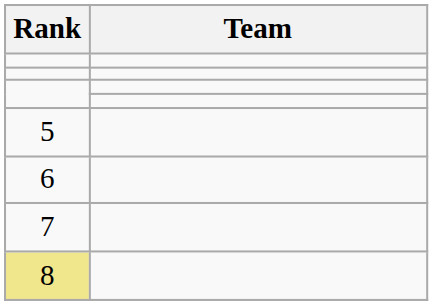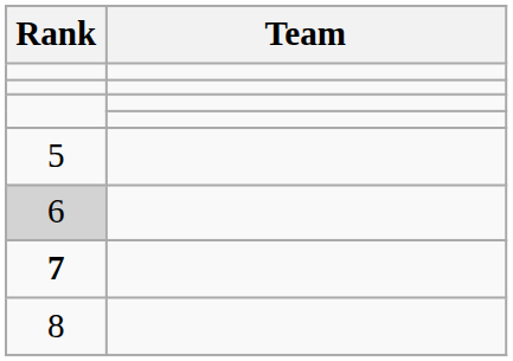 <table class="wikitable" style="text-align:center; font-size:90%;">
 <tr>
 <th width=35>Rank</th>
 <th width=160>Team</th>
 </tr>
 <tr>
 <td></td>
 <td align=left></td>
 </tr>
 <tr>
 <td></td>
 <td align=left></td>
 </tr>
 <tr>
 <td rowspan=2></td>
 <td align=left></td>
 </tr>
 <tr>
 <td align=left></td>
 </tr>
 <tr>
 <td>5</td>
 <td align=left></td>
 </tr>
 <tr>
-<td>6</td>
+<td style="background: lightgrey;">6</td>
 <td align=left></td>
 </tr>
 <tr>
-<td>7</td>
+<td><strong>7</strong></td>
 <td align=left></td>
 </tr>
 <tr>
-<td style="background: khaki;">8</td>
+<td>8</td>
 <td align=left></td>
 </tr>
 </table>
